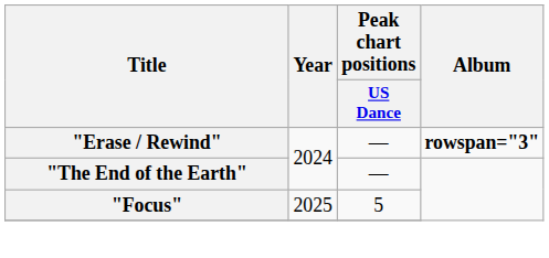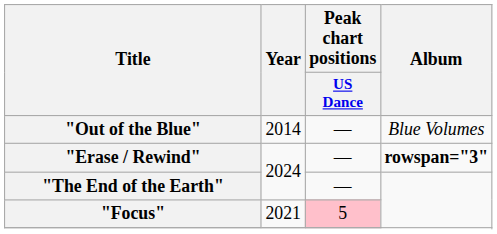 <table class="wikitable plainrowheaders" style="text-align:center;">
 <tr>
 <th scope="col" rowspan="2" style="width:14em;">Title</th>
 <th scope="col" rowspan="2" style="width:1em;">Year</th>
 <th scope="col" colspan="1">Peak chart positions</th>
 <th scope="col" rowspan="2">Album</th>
 </tr>
 <tr>
 <th scope="col" style="width:3em;font-size:85%;"><a href='#'>US<br>Dance</a><br></th>
+</tr>
+<tr>
+<th scope="row">"Out of the Blue"<br></th>
+<td>2014</td>
+<td>—</td>
+<td><em>Blue Volumes</em></td>
 </tr>
 <tr>
 <th scope="row">"Erase / Rewind" <br></th>
 <td rowspan="2">2024</td>
 <td>—</td>
 <td><strong>rowspan="3" </strong></td>
 </tr>
 <tr>
 <th scope="row">"The End of the Earth" <br></th>
 <td>—</td>
 </tr>
 <tr>
 <th scope="row">"Focus"<br></th>
-<td>2025</td>
-<td>5</td>
+<td>2021</td>
+<td style="background: pink;">5</td>
 </tr>
 <tr>
 </tr>
 </table>
